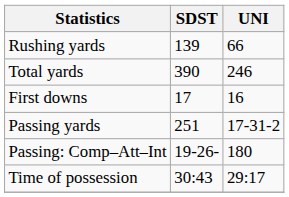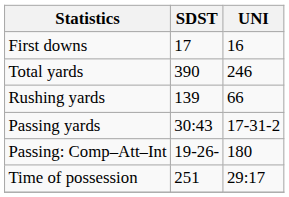 <table class="wikitable" style="float: left;">
 <tr>
 <th>Statistics</th>
 <th>SDST</th>
 <th>UNI</th>
 </tr>
 <tr>
-<td>Rushing yards</td>
-<td>139</td>
-<td>66</td>
+<td>First downs</td>
+<td>17</td>
+<td>16</td>
 </tr>
 <tr>
 <td>Total yards</td>
 <td>390</td>
 <td>246</td>
 </tr>
 <tr>
-<td>First downs</td>
-<td>17</td>
-<td>16</td>
+<td>Rushing yards</td>
+<td>139</td>
+<td>66</td>
 </tr>
 <tr>
 <td>Passing yards</td>
-<td>251</td>
+<td>30:43</td>
 <td>17-31-2</td>
 </tr>
 <tr>
 <td>Passing: Comp–Att–Int</td>
 <td>19-26-</td>
 <td>180</td>
 </tr>
 <tr>
 <td>Time of possession</td>
-<td>30:43</td>
+<td>251</td>
 <td>29:17</td>
 </tr>
 <tr>
 </tr>
 </table>
